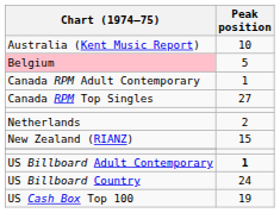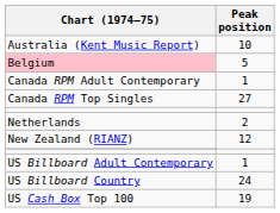 <table class="wikitable sortable">
 <tr>
 <th align="left">Chart (1974–75)</th>
 <th align="left">Peak<br>position</th>
 </tr>
 <tr>
 <td>Australia (<a href='#'>Kent Music Report</a>)</td>
 <td style="text-align:center;">10</td>
 </tr>
 <tr>
 <td style="background: pink;">Belgium</td>
 <td style="text-align:center;">5</td>
 </tr>
 <tr>
 <td>Canada <em>RPM</em> Adult Contemporary</td>
 <td style="text-align:center;">1</td>
 </tr>
 <tr>
 <td>Canada <em><a href='#'>RPM</a></em> Top Singles</td>
 <td style="text-align:center;">27</td>
 </tr>
 <tr>
 <td></td>
 </tr>
 <tr>
 <td>Netherlands</td>
 <td style="text-align:center;">2</td>
 </tr>
 <tr>
 <td>New Zealand (<a href='#'>RIANZ</a>)</td>
-<td style="text-align:center;">15</td>
+<td style="text-align:center;">12</td>
 </tr>
 <tr>
 </tr>
 <tr>
 <td></td>
 </tr>
 <tr>
 <td>US <em>Billboard</em> <a href='#'>Adult Contemporary</a></td>
-<td align="center"><strong>1</strong></td>
+<td align="center">1</td>
 </tr>
 <tr>
 <td>US <em>Billboard</em> <a href='#'>Country</a></td>
 <td style="text-align:center;">24</td>
 </tr>
 <tr>
 <td>US <a href='#'><em>Cash Box</em></a> Top 100</td>
 <td style="text-align:center;">19</td>
 </tr>
 </table>
